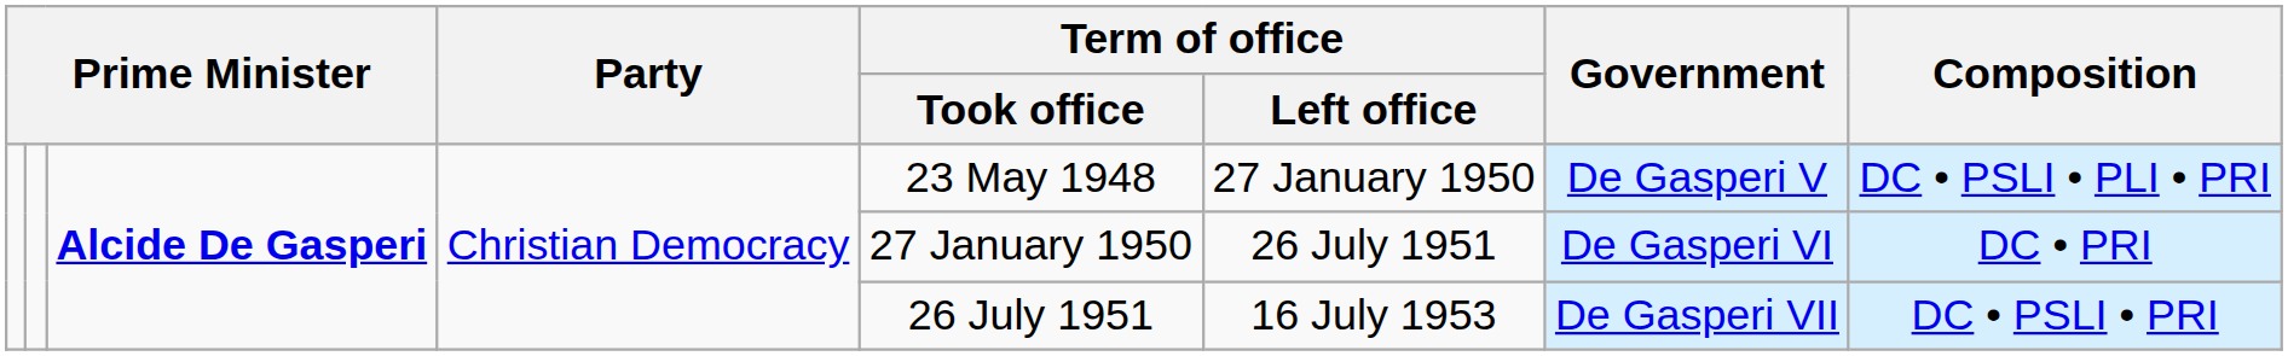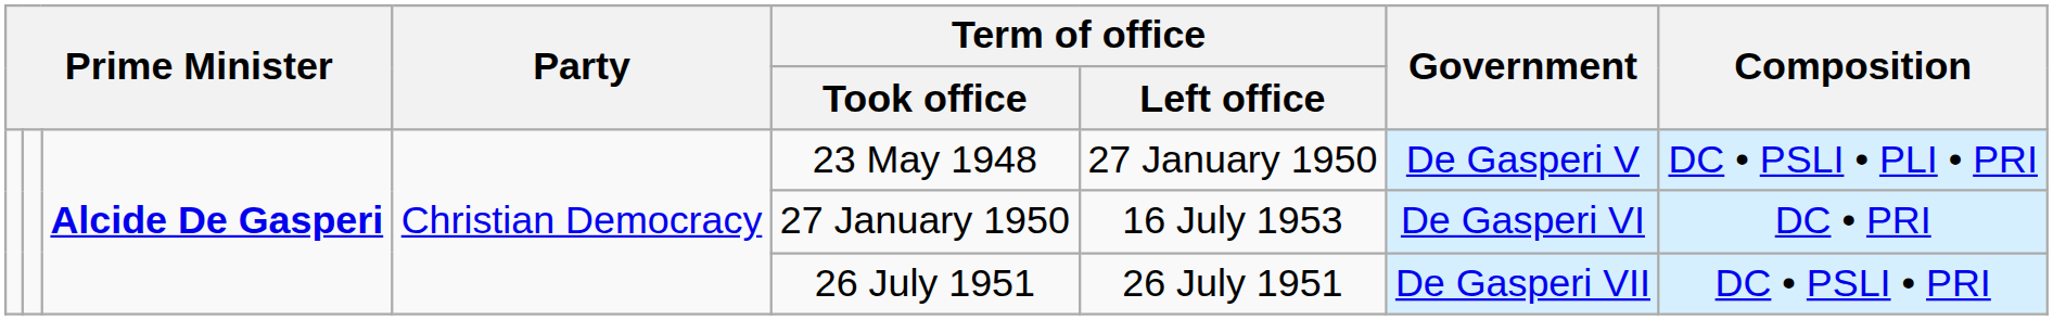 <table class="wikitable" style="text-align:center">
 <tr>
 <th colspan=3 rowspan=2>Prime Minister</th>
 <th rowspan=2>Party</th>
 <th colspan=2>Term of office</th>
 <th rowspan=2>Government</th>
 <th rowspan=2>Composition</th>
 </tr>
 <tr>
 <th>Took office</th>
 <th>Left office</th>
 </tr>
 <tr>
 <td rowspan="3" style="background:"></td>
 <td rowspan="3"></td>
 <td rowspan="3"><strong><a href='#'>Alcide De Gasperi</a></strong><br></td>
 <td rowspan="3"><a href='#'>Christian Democracy</a></td>
 <td class="nowrap">23 May 1948</td>
 <td class="nowrap">27 January 1950</td>
 <td bgcolor=#D5EFFF><a href='#'>De Gasperi V</a></td>
 <td bgcolor=#D5EFFF><a href='#'>DC</a> • <a href='#'>PSLI</a> • <a href='#'>PLI</a> • <a href='#'>PRI</a><br></td>
 </tr>
 <tr>
 <td>27 January 1950</td>
-<td>26 July 1951</td>
+<td>16 July 1953</td>
 <td bgcolor=#D5EFFF><a href='#'>De Gasperi VI</a></td>
 <td bgcolor=#D5EFFF><a href='#'>DC</a> • <a href='#'>PRI</a><br></td>
 </tr>
 <tr>
 <td>26 July 1951</td>
-<td>16 July 1953</td>
+<td>26 July 1951</td>
 <td bgcolor=#D5EFFF><a href='#'>De Gasperi VII</a></td>
 <td bgcolor=#D5EFFF><a href='#'>DC</a> • <a href='#'>PSLI</a> • <a href='#'>PRI</a><br></td>
 </tr>
 </table>
